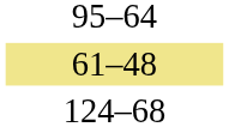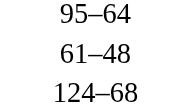 <table style="text-align:center">
 <tr>
 <th width=200></th>
 <th width=100></th>
 <th width=200></th>
 <th></th>
 </tr>
 <tr>
 <td align=right><strong></strong></td>
 <td>95–64</td>
 <td align=left></td>
 </tr>
 <tr>
 <td align=right><strong></strong></td>
-<td style="background: khaki;">61–48</td>
+<td>61–48</td>
 <td align=left></td>
 </tr>
 <tr>
 <td align=right><strong></strong></td>
 <td>124–68</td>
 <td align=left></td>
 </tr>
 </table>
